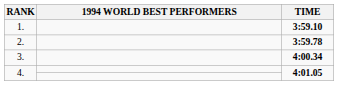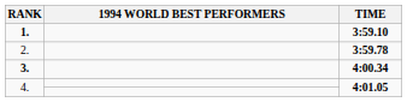 <table class=wikitable>
 <tr>
 <th>RANK</th>
 <th align="center" style="width: 25em">1994 WORLD BEST PERFORMERS</th>
 <th align="center" style="width: 5em">TIME</th>
 </tr>
 <tr>
-<td align="center">1.</td>
+<td align="center"><strong>1.</strong></td>
 <td></td>
 <td align="center"><strong>3:59.10</strong></td>
 </tr>
 <tr>
 <td align="center">2.</td>
 <td></td>
 <td align="center"><strong>3:59.78</strong></td>
 </tr>
 <tr>
-<td align="center">3.</td>
+<td align="center"><strong>3.</strong></td>
 <td></td>
 <td align="center"><strong>4:00.34</strong></td>
 </tr>
 <tr>
 <td rowspan=2 align="center">4.</td>
 <td></td>
 <td rowspan=2 align="center"><strong>4:01.05</strong></td>
 </tr>
 <tr>
 <td></td>
 </tr>
 </table>
